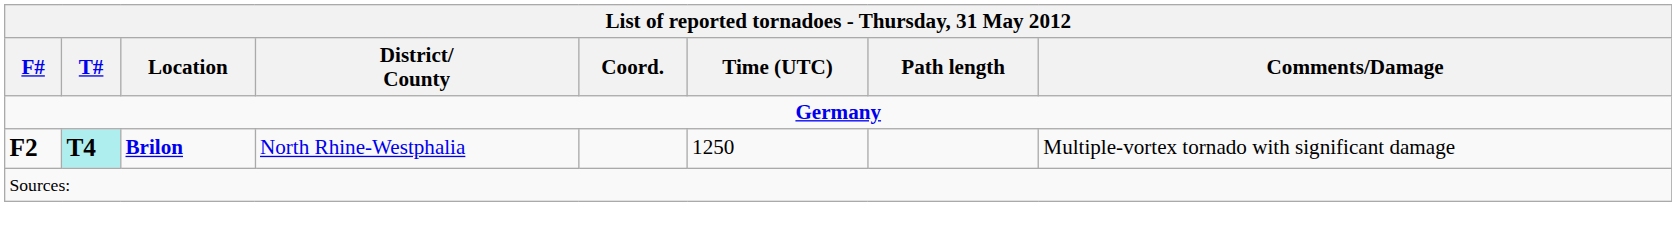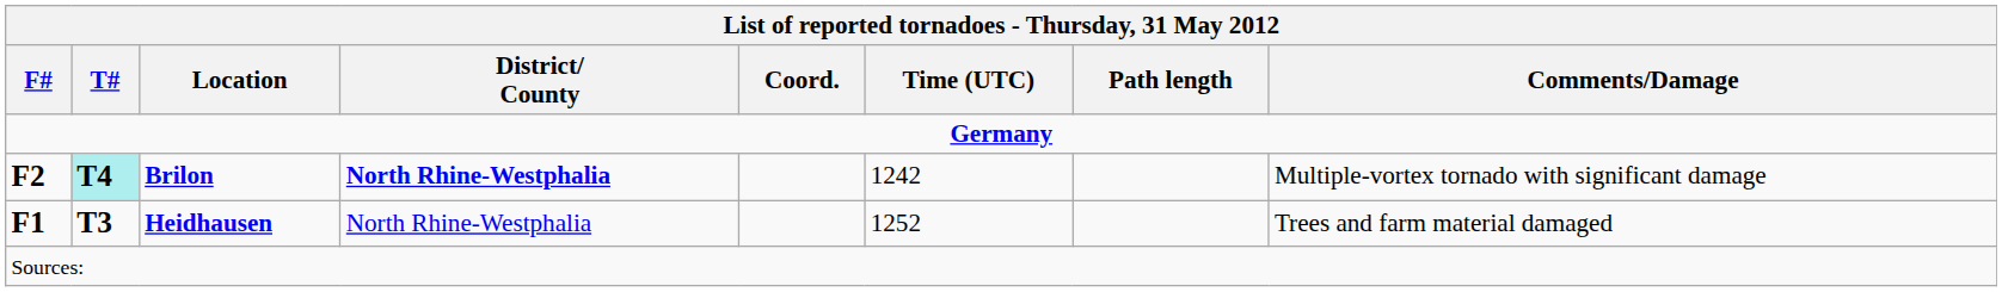 <table class="wikitable collapsible" width="100%">
 <tr>
 <th colspan="8">List of reported tornadoes - Thursday, 31 May 2012</th>
 </tr>
 <tr>
 <th><a href='#'>F#</a></th>
 <th><a href='#'>T#</a></th>
 <th>Location</th>
 <th>District/<br>County</th>
 <th>Coord.</th>
 <th>Time (UTC)</th>
 <th>Path length</th>
 <th>Comments/Damage</th>
 </tr>
 <tr>
 <td colspan="8" align=center><strong><a href='#'>Germany</a></strong></td>
 </tr>
 <tr>
 <td><big><strong>F2</strong></big></td>
 <td style="background: paleturquoise;"><big><strong>T4</strong></big></td>
 <td><strong><a href='#'>Brilon</a></strong></td>
+<td><strong><a href='#'>North Rhine-Westphalia</a></strong></td>
+<td></td>
+<td>1242</td>
+<td></td>
+<td>Multiple-vortex tornado with significant damage</td>
+</tr>
+<tr>
+<td><big><strong>F1</strong></big></td>
+<td><big><strong>T3</strong></big></td>
+<td><strong><a href='#'>Heidhausen</a></strong></td>
 <td><a href='#'>North Rhine-Westphalia</a></td>
 <td></td>
-<td>1250</td>
+<td>1252</td>
 <td></td>
-<td>Multiple-vortex tornado with significant damage</td>
+<td>Trees and farm material damaged</td>
 </tr>
 <tr>
 <td colspan="8"><small>Sources:  </small></td>
 </tr>
 </table>
